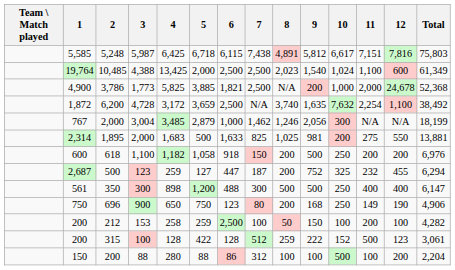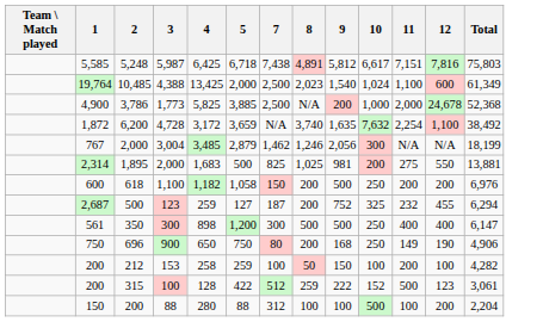 <table class="wikitable sortable" style="font-size: 90%; text-align:center;">
 <tr>
 <th style="width:76px;">Team \ Match played</th>
 <th align=center>1</th>
 <th align=center>2</th>
 <th align=center>3</th>
 <th align=center>4</th>
 <th align=center>5</th>
-<th align=center>6</th>
 <th align=center>7</th>
 <th align=center>8</th>
 <th align=center>9</th>
 <th align=center>10</th>
 <th align=center>11</th>
 <th>12</th>
 <th align="center">Total</th>
 </tr>
 <tr align=center>
 <td align=left></td>
 <td>5,585</td>
 <td>5,248</td>
 <td>5,987</td>
 <td>6,425</td>
 <td>6,718</td>
-<td>6,115</td>
 <td>7,438</td>
 <td style="background:#FFCCCC">4,891</td>
 <td>5,812</td>
 <td>6,617</td>
 <td>7,151</td>
 <td style="background:#CCF9CC">7,816</td>
 <td>75,803</td>
 </tr>
 <tr align=center>
 <td align=left></td>
 <td style="background:#CCF9CC">19,764</td>
 <td>10,485</td>
 <td>4,388</td>
 <td>13,425</td>
 <td>2,000</td>
 <td>2,500</td>
-<td>2,500</td>
 <td>2,023</td>
 <td>1,540</td>
 <td>1,024</td>
 <td>1,100</td>
 <td style="background:#FFCCCC">600</td>
 <td>61,349</td>
 </tr>
 <tr align=center>
 <td align=left></td>
 <td>4,900</td>
 <td>3,786</td>
 <td>1,773</td>
 <td>5,825</td>
 <td>3,885</td>
-<td>1,821</td>
 <td>2,500</td>
 <td>N/A</td>
 <td style="background:#FFCCCC">200</td>
 <td>1,000</td>
 <td>2,000</td>
 <td style="background:#CCF9CC">24,678</td>
 <td>52,368</td>
 </tr>
 <tr align=center>
 <td align=left></td>
 <td>1,872</td>
 <td>6,200</td>
 <td>4,728</td>
 <td>3,172</td>
 <td>3,659</td>
-<td>2,500</td>
 <td>N/A</td>
 <td>3,740</td>
 <td>1,635</td>
 <td style="background:#CCF9CC">7,632</td>
 <td>2,254</td>
 <td style="background:#FFCCCC">1,100</td>
 <td>38,492</td>
 </tr>
 <tr align=center>
 <td align=left></td>
 <td>767</td>
 <td>2,000</td>
 <td>3,004</td>
 <td style="background:#CCF9CC">3,485</td>
 <td>2,879</td>
-<td>1,000</td>
 <td>1,462</td>
 <td>1,246</td>
 <td>2,056</td>
 <td style="background:#FFCCCC">300</td>
 <td>N/A</td>
 <td>N/A</td>
 <td>18,199</td>
 </tr>
 <tr align=center>
 <td align=left></td>
 <td style="background:#CCF9CC">2,314</td>
 <td>1,895</td>
 <td>2,000</td>
 <td>1,683</td>
 <td>500</td>
-<td>1,633</td>
 <td>825</td>
 <td>1,025</td>
 <td>981</td>
 <td style="background:#FFCCCC">200</td>
 <td>275</td>
 <td>550</td>
 <td>13,881</td>
 </tr>
 <tr align=center>
 <td align=left></td>
 <td>600</td>
 <td>618</td>
 <td>1,100</td>
 <td style="background:#CCF9CC">1,182</td>
 <td>1,058</td>
-<td>918</td>
 <td style="background:#FFCCCC">150</td>
 <td>200</td>
 <td>500</td>
 <td>250</td>
 <td>200</td>
 <td>200</td>
 <td>6,976</td>
 </tr>
 <tr align=center>
 <td align=left></td>
 <td style="background:#CCF9CC">2,687</td>
 <td>500</td>
 <td style="background:#FFCCCC">123</td>
 <td>259</td>
 <td>127</td>
-<td>447</td>
 <td>187</td>
 <td>200</td>
 <td>752</td>
 <td>325</td>
 <td>232</td>
 <td>455</td>
 <td>6,294</td>
 </tr>
 <tr align=center>
 <td align=left></td>
 <td>561</td>
 <td>350</td>
 <td style="background:#FFCCCC">300</td>
 <td>898</td>
 <td style="background:#CCF9CC">1,200</td>
-<td>488</td>
 <td>300</td>
 <td>500</td>
 <td>500</td>
 <td>250</td>
 <td>400</td>
 <td>400</td>
 <td>6,147</td>
 </tr>
 <tr align=center>
 <td align=left></td>
 <td>750</td>
 <td>696</td>
 <td style="background:#CCF9CC">900</td>
 <td>650</td>
 <td>750</td>
-<td>123</td>
 <td style="background:#FFCCCC">80</td>
 <td>200</td>
 <td>168</td>
 <td>250</td>
 <td>149</td>
 <td>190</td>
 <td>4,906</td>
 </tr>
 <tr align=center>
 <td align=left></td>
 <td>200</td>
 <td>212</td>
 <td>153</td>
 <td>258</td>
 <td>259</td>
-<td style="background:#CCF9CC">2,500</td>
 <td>100</td>
 <td style="background:#FFCCCC">50</td>
 <td>150</td>
 <td>100</td>
 <td>200</td>
 <td>100</td>
 <td>4,282</td>
 </tr>
 <tr align=center>
 <td align=left></td>
 <td>200</td>
 <td>315</td>
 <td style="background:#FFCCCC">100</td>
 <td>128</td>
 <td>422</td>
-<td>128</td>
 <td style="background:#CCF9CC">512</td>
 <td>259</td>
 <td>222</td>
 <td>152</td>
 <td>500</td>
 <td>123</td>
 <td>3,061</td>
 </tr>
 <tr align=center>
 <td align=left></td>
 <td>150</td>
 <td>200</td>
 <td>88</td>
 <td>280</td>
 <td>88</td>
-<td style="background:#FFCCCC">86</td>
 <td>312</td>
 <td>100</td>
 <td>100</td>
 <td style="background:#CCF9CC">500</td>
 <td>100</td>
 <td>200</td>
 <td>2,204</td>
 </tr>
 </table>
